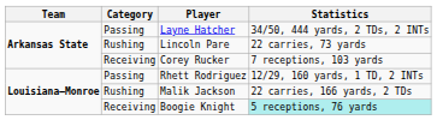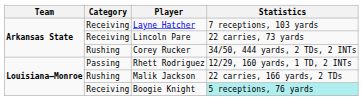 <table class="wikitable" style="float: left;">
 <tr>
 <th>Team</th>
 <th>Category</th>
 <th>Player</th>
 <th>Statistics</th>
 </tr>
 <tr>
 <td rowspan=3><strong>Arkansas State</strong></td>
-<td>Passing</td>
+<td>Receiving</td>
 <td><a href='#'>Layne Hatcher</a></td>
-<td>34/50, 444 yards, 2 TDs, 2 INTs</td>
+<td>7 receptions, 103 yards</td>
 </tr>
 <tr>
-<td>Rushing</td>
+<td>Receiving</td>
 <td>Lincoln Pare</td>
 <td>22 carries, 73 yards</td>
 </tr>
 <tr>
-<td>Receiving</td>
+<td>Rushing</td>
 <td>Corey Rucker</td>
-<td>7 receptions, 103 yards</td>
+<td>34/50, 444 yards, 2 TDs, 2 INTs</td>
 </tr>
 <tr>
 <td rowspan=3><strong>Louisiana–Monroe</strong></td>
 <td>Passing</td>
 <td>Rhett Rodriguez</td>
 <td>12/29, 160 yards, 1 TD, 2 INTs</td>
 </tr>
 <tr>
 <td>Rushing</td>
 <td>Malik Jackson</td>
 <td>22 carries, 166 yards, 2 TDs</td>
 </tr>
 <tr>
 <td>Receiving</td>
 <td>Boogie Knight</td>
 <td style="background: paleturquoise;">5 receptions, 76 yards</td>
 </tr>
 </table>
